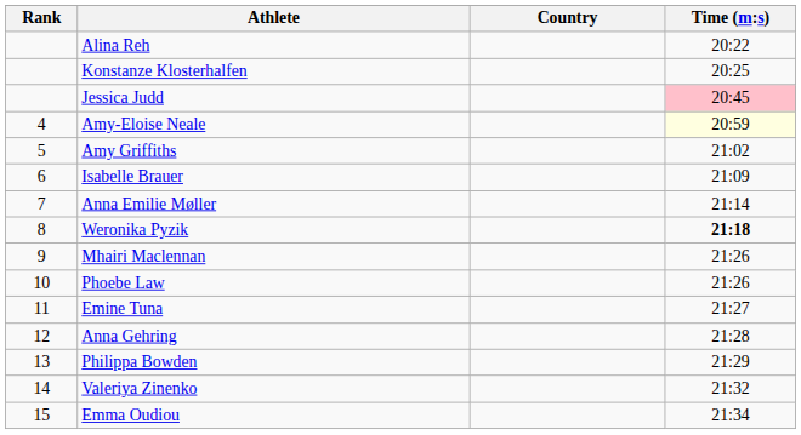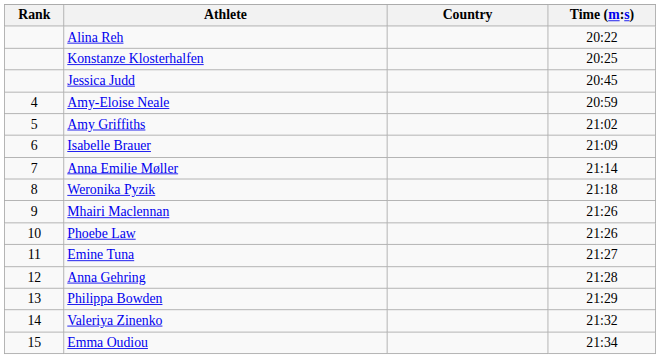 <table class="wikitable" style="text-align:center;" width="60%">
 <tr>
 </tr>
 <tr>
 <th width=5%>Rank</th>
 <th width=30%>Athlete</th>
 <th width=15%>Country</th>
 <th width=10%>Time (<a href='#'>m</a>:<a href='#'>s</a>)</th>
 </tr>
 <tr>
 <td></td>
 <td align=left><a href='#'>Alina Reh</a></td>
 <td align=left></td>
 <td>20:22</td>
 </tr>
 <tr>
 <td></td>
 <td align=left><a href='#'>Konstanze Klosterhalfen</a></td>
 <td align=left></td>
 <td>20:25</td>
 </tr>
 <tr>
 <td></td>
 <td align=left><a href='#'>Jessica Judd</a></td>
 <td align=left></td>
-<td style="background: pink;">20:45</td>
+<td>20:45</td>
 </tr>
 <tr>
 <td>4</td>
 <td align=left><a href='#'>Amy-Eloise Neale</a></td>
 <td align=left></td>
-<td style="background: lightyellow;">20:59</td>
+<td>20:59</td>
 </tr>
 <tr>
 <td>5</td>
 <td align=left><a href='#'>Amy Griffiths</a></td>
 <td align=left></td>
 <td>21:02</td>
 </tr>
 <tr>
 <td>6</td>
 <td align=left><a href='#'>Isabelle Brauer</a></td>
 <td align=left></td>
 <td>21:09</td>
 </tr>
 <tr>
 <td>7</td>
 <td align=left><a href='#'>Anna Emilie Møller</a></td>
 <td align=left></td>
 <td>21:14</td>
 </tr>
 <tr>
 <td>8</td>
 <td align=left><a href='#'>Weronika Pyzik</a></td>
 <td align=left></td>
-<td><strong>21:18</strong></td>
+<td>21:18</td>
 </tr>
 <tr>
 <td>9</td>
 <td align=left><a href='#'>Mhairi Maclennan</a></td>
 <td align=left></td>
 <td>21:26</td>
 </tr>
 <tr>
 <td>10</td>
 <td align=left><a href='#'>Phoebe Law</a></td>
 <td align=left></td>
 <td>21:26</td>
 </tr>
 <tr>
 <td>11</td>
 <td align=left><a href='#'>Emine Tuna</a></td>
 <td align=left></td>
 <td>21:27</td>
 </tr>
 <tr>
 <td>12</td>
 <td align=left><a href='#'>Anna Gehring</a></td>
 <td align=left></td>
 <td>21:28</td>
 </tr>
 <tr>
 <td>13</td>
 <td align=left><a href='#'>Philippa Bowden</a></td>
 <td align=left></td>
 <td>21:29</td>
 </tr>
 <tr>
 <td>14</td>
 <td align=left><a href='#'>Valeriya Zinenko</a></td>
 <td align=left></td>
 <td>21:32</td>
 </tr>
 <tr>
 <td>15</td>
 <td align=left><a href='#'>Emma Oudiou</a></td>
 <td align=left></td>
 <td>21:34</td>
 </tr>
 </table>
